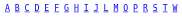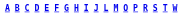 <table id="toc" class="toc" summary="Contents">
 <tr>
 <th></th>
 </tr>
 <tr>
-<td><a href='#'>A</a> <a href='#'>B</a> <a href='#'>C</a> <a href='#'>D</a> <a href='#'>E</a> <a href='#'>F</a> <a href='#'>G</a> <a href='#'>H</a> <a href='#'>I</a> <a href='#'>J</a> <a href='#'>L</a> <a href='#'>M</a> <a href='#'>O</a> <a href='#'>P</a> <a href='#'>R</a> <a href='#'>S</a> <a href='#'>T</a> <a href='#'>W</a> <br><br></td>
+<td><strong><a href='#'>A</a> <a href='#'>B</a> <a href='#'>C</a> <a href='#'>D</a> <a href='#'>E</a> <a href='#'>F</a> <a href='#'>G</a> <a href='#'>H</a> <a href='#'>I</a> <a href='#'>J</a> <a href='#'>L</a> <a href='#'>M</a> <a href='#'>O</a> <a href='#'>P</a> <a href='#'>R</a> <a href='#'>S</a> <a href='#'>T</a> <a href='#'>W</a> <br><br></strong></td>
 </tr>
 </table>
